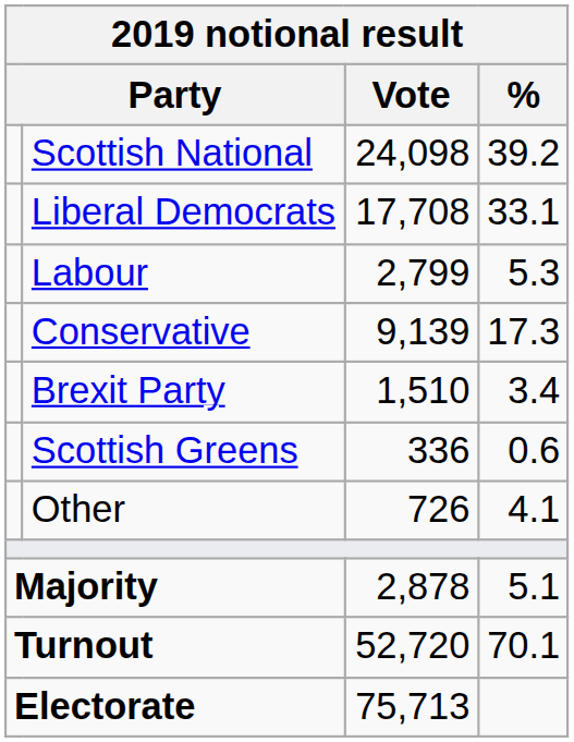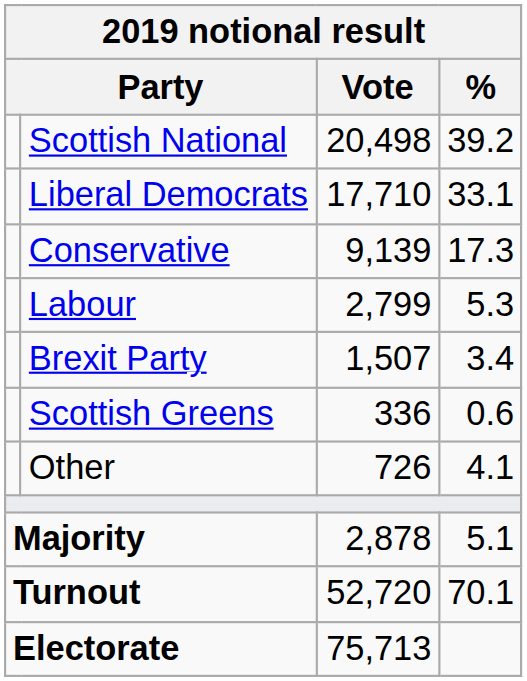 <table class="wikitable">
 <tr>
 <th colspan="4">2019 notional result  </th>
 </tr>
 <tr>
 <th colspan="2" width="130px" bgcolor="#DDDDFF">Party</th>
 <th width="50px" bgcolor="#DDDDFF">Vote</th>
 <th width="30px" bgcolor="#DDDDFF">%</th>
 </tr>
 <tr>
 <td style="color:inherit;background-color: "></td>
 <td><a href='#'>Scottish National</a></td>
-<td align=right>24,098</td>
+<td align=right>20,498</td>
 <td align=right>39.2</td>
 </tr>
 <tr>
 <td style="color:inherit;background-color: "></td>
 <td><a href='#'>Liberal Democrats</a></td>
-<td align=right>17,708</td>
+<td align=right>17,710</td>
 <td align=right>33.1</td>
+</tr>
+<tr>
+<td style="color:inherit;background-color: "></td>
+<td><a href='#'>Conservative</a></td>
+<td align=right>9,139</td>
+<td align=right>17.3</td>
 </tr>
 <tr>
 <td style="color:inherit;background-color: "></td>
 <td><a href='#'>Labour</a></td>
 <td align=right>2,799</td>
 <td align=right>5.3</td>
 </tr>
 <tr>
 <td style="color:inherit;background-color: "></td>
-<td><a href='#'>Conservative</a></td>
-<td align=right>9,139</td>
-<td align=right>17.3</td>
-</tr>
-<tr>
-<td style="color:inherit;background-color: "></td>
 <td><a href='#'>Brexit Party</a></td>
-<td align=right>1,510</td>
+<td align=right>1,507</td>
 <td align=right>3.4</td>
 </tr>
 <tr>
 <td style="color:inherit;background-color: "></td>
 <td><a href='#'>Scottish Greens</a></td>
 <td align=right>336</td>
 <td align=right>0.6</td>
 </tr>
 <tr>
 <td></td>
 <td>Other</td>
 <td align=right>726</td>
 <td align=right>4.1</td>
 </tr>
 <tr>
 <td colspan="4" bgcolor="#EAECF0"></td>
 </tr>
 <tr>
 <td colspan="2"><strong>Majority</strong></td>
 <td align=right>2,878</td>
 <td align=right>5.1</td>
 </tr>
 <tr>
 <td colspan="2"><strong>Turnout</strong></td>
 <td align=right>52,720</td>
 <td align=right>70.1</td>
 </tr>
 <tr>
 <td colspan="2"><strong>Electorate</strong></td>
 <td align=right>75,713</td>
 <td></td>
 </tr>
 </table>
